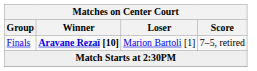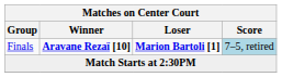 <table class="wikitable collapsible uncollapsed">
 <tr>
 <th colspan=4><strong>Matches on Center Court</strong></th>
 </tr>
 <tr>
 <th>Group</th>
 <th>Winner</th>
 <th>Loser</th>
 <th>Score</th>
 </tr>
 <tr align=left>
 <td><a href='#'>Finals</a></td>
 <td> <strong><a href='#'>Aravane Rezaï</a> [10]</strong></td>
-<td> <a href='#'>Marion Bartoli</a> [1]</td>
-<td>7–5, retired</td>
+<td><strong> <a href='#'>Marion Bartoli</a> [1]</strong></td>
+<td style="background: lightblue;">7–5, retired</td>
 </tr>
 <tr align=center>
 <td colspan=4 bgcolor=#efefef><strong>Match Starts at 2:30PM</strong></td>
 </tr>
 <tr>
 </tr>
 </table>
